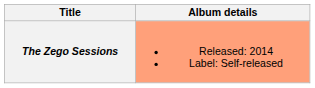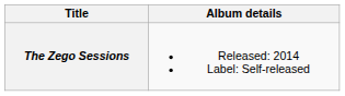 <table class="wikitable plainrowheaders" style="text-align:center;">
 <tr>
 <th scope="col" rowspan="1" style="width:12em;">Title</th>
 <th scope="col" rowspan="1" style="width:16em;">Album details</th>
 </tr>
 <tr>
 <th scope="row"><em>The Zego Sessions</em></th>
-<td style="background: lightsalmon;"><br><ul><li>Released: 2014</li><li>Label: Self-released</li></ul></td>
+<td><br><ul><li>Released: 2014</li><li>Label: Self-released</li></ul></td>
 </tr>
 </table>
